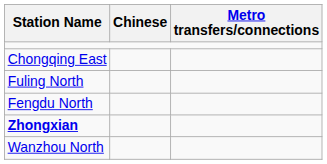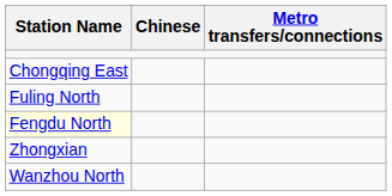 <table class="wikitable">
 <tr>
 <th>Station Name</th>
 <th>Chinese<br></th>
 <th><a href='#'>Metro</a><br>transfers/connections<br> </th>
 </tr>
 <tr style="background:#">
 <td colspan = "11"></td>
 </tr>
 <tr>
 <td><a href='#'>Chongqing East</a></td>
 <td></td>
 <td>     </td>
 </tr>
 <tr>
 <td><a href='#'>Fuling North</a></td>
 <td></td>
 <td></td>
 </tr>
 <tr>
-<td><a href='#'>Fengdu North</a></td>
+<td style="background: lightyellow;"><a href='#'>Fengdu North</a></td>
 <td></td>
 <td></td>
 </tr>
 <tr>
-<td><strong><a href='#'>Zhongxian</a></strong></td>
+<td><a href='#'>Zhongxian</a></td>
 <td></td>
 <td></td>
 </tr>
 <tr>
 <td><a href='#'>Wanzhou North</a></td>
 <td></td>
 <td></td>
 </tr>
 </table>
